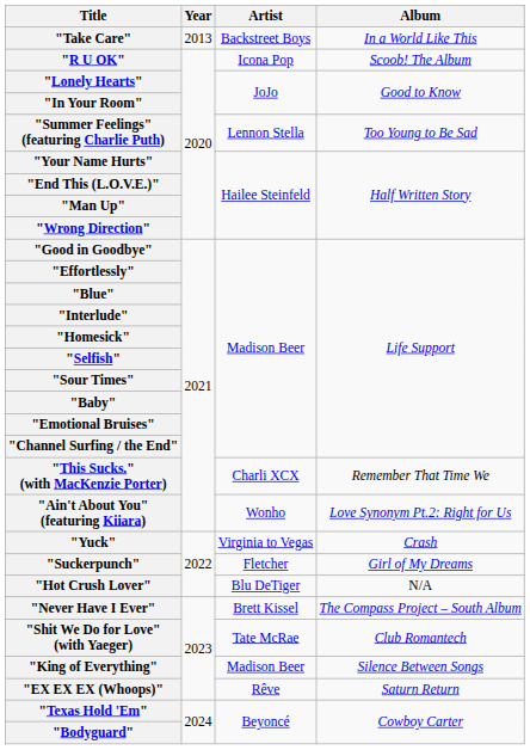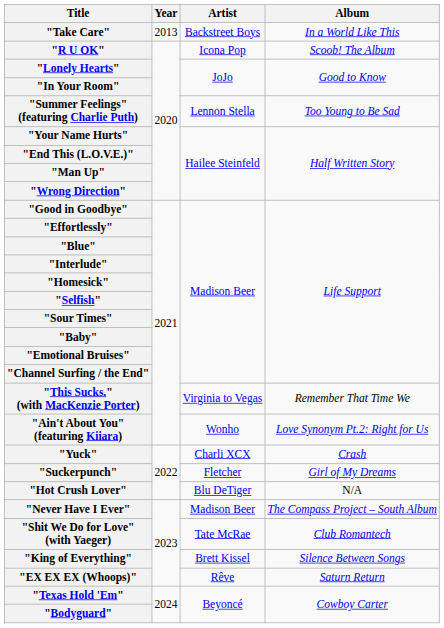 <table class="wikitable plainrowheaders" style="text-align:center;">
 <tr>
 <th scope="col">Title</th>
 <th scope="col">Year</th>
 <th scope="col">Artist</th>
 <th scope="col">Album</th>
 </tr>
 <tr>
 <th scope="row">"Take Care"</th>
 <td>2013</td>
 <td><a href='#'>Backstreet Boys</a></td>
 <td><em><a href='#'>In a World Like This</a></em></td>
 </tr>
 <tr>
 <th scope="row">"<a href='#'>R U OK</a>"</th>
 <td rowspan="8">2020</td>
 <td><a href='#'>Icona Pop</a></td>
 <td><em><a href='#'>Scoob! The Album</a></em></td>
 </tr>
 <tr>
 <th scope="row">"<a href='#'>Lonely Hearts</a>"</th>
 <td rowspan="2"><a href='#'>JoJo</a></td>
 <td rowspan="2"><em><a href='#'>Good to Know</a></em></td>
 </tr>
 <tr>
 <th scope="row">"In Your Room"</th>
 </tr>
 <tr>
 <th scope="row">"Summer Feelings"<br>(featuring <a href='#'>Charlie Puth</a>)</th>
 <td><a href='#'>Lennon Stella</a></td>
 <td><em><a href='#'>Too Young to Be Sad</a></em></td>
 </tr>
 <tr>
 <th scope="row">"Your Name Hurts"</th>
 <td rowspan="4"><a href='#'>Hailee Steinfeld</a></td>
 <td rowspan="4"><em><a href='#'>Half Written Story</a></em></td>
 </tr>
 <tr>
 <th scope="row">"End This (L.O.V.E.)"</th>
 </tr>
 <tr>
 <th scope="row">"Man Up"</th>
 </tr>
 <tr>
 <th scope="row">"<a href='#'>Wrong Direction</a>"</th>
 </tr>
 <tr>
 <th scope="row">"Good in Goodbye"</th>
 <td rowspan="12">2021</td>
 <td rowspan="10"><a href='#'>Madison Beer</a></td>
 <td rowspan="10"><em><a href='#'>Life Support</a></em></td>
 </tr>
 <tr>
 <th scope="row">"Effortlessly"</th>
 </tr>
 <tr>
 <th scope="row">"Blue"</th>
 </tr>
 <tr>
 <th scope="row">"Interlude"</th>
 </tr>
 <tr>
 <th scope="row">"Homesick"</th>
 </tr>
 <tr>
 <th scope="row">"<a href='#'>Selfish</a>"</th>
 </tr>
 <tr>
 <th scope="row">"Sour Times"</th>
 </tr>
 <tr>
 <th scope="row">"Baby"</th>
 </tr>
 <tr>
 <th scope="row">"Emotional Bruises"</th>
 </tr>
 <tr>
 <th scope="row">"Channel Surfing / the End"</th>
 </tr>
 <tr>
 <th scope="row">"<a href='#'>This Sucks.</a>"<br>(with <a href='#'>MacKenzie Porter</a>)</th>
-<td><a href='#'>Charli XCX</a></td>
+<td><a href='#'>Virginia to Vegas</a></td>
 <td><em>Remember That Time We</em></td>
 </tr>
 <tr>
 <th scope="row">"Ain't About You"<br>(featuring <a href='#'>Kiiara</a>)</th>
 <td><a href='#'>Wonho</a></td>
 <td><em><a href='#'>Love Synonym Pt.2: Right for Us</a></em></td>
 </tr>
 <tr>
 <th scope="row">"Yuck"</th>
 <td rowspan="3">2022</td>
-<td><a href='#'>Virginia to Vegas</a></td>
+<td><a href='#'>Charli XCX</a></td>
 <td><em><a href='#'>Crash</a></em></td>
 </tr>
 <tr>
 <th scope="row">"Suckerpunch"</th>
 <td><a href='#'>Fletcher</a></td>
 <td><em><a href='#'>Girl of My Dreams</a></em></td>
 </tr>
 <tr>
 <th scope="row">"Hot Crush Lover"</th>
 <td><a href='#'>Blu DeTiger</a></td>
 <td>N/A</td>
 </tr>
 <tr>
 <th scope="row">"Never Have I Ever"</th>
 <td rowspan="4">2023</td>
-<td><a href='#'>Brett Kissel</a></td>
+<td><a href='#'>Madison Beer</a></td>
 <td><em><a href='#'>The Compass Project – South Album</a></em></td>
 </tr>
 <tr>
 <th scope="row">"Shit We Do for Love"<br>(with Yaeger)</th>
 <td><a href='#'>Tate McRae</a></td>
 <td><em><a href='#'>Club Romantech</a></em></td>
 </tr>
 <tr>
 <th scope="row">"King of Everything"</th>
-<td><a href='#'>Madison Beer</a></td>
+<td><a href='#'>Brett Kissel</a></td>
 <td><em><a href='#'>Silence Between Songs</a></em></td>
 </tr>
 <tr>
 <th scope="row">"EX EX EX (Whoops)"</th>
 <td><a href='#'>Rêve</a></td>
 <td><em><a href='#'>Saturn Return</a></em></td>
 </tr>
 <tr>
 <th scope="row">"<a href='#'>Texas Hold 'Em</a>"</th>
 <td rowspan="2">2024</td>
 <td rowspan="2"><a href='#'>Beyoncé</a></td>
 <td rowspan="2"><em><a href='#'>Cowboy Carter</a></em></td>
 </tr>
 <tr>
 <th scope="row">"<a href='#'>Bodyguard</a>"</th>
 </tr>
 </table>
